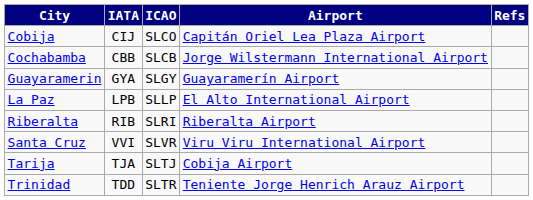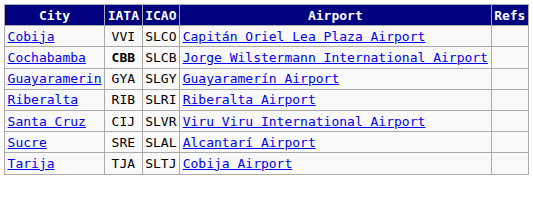 <table class="sortable wikitable">
 <tr>
 <th style="background:#000080;color: white">City</th>
 <th style="background:#000080; color:white;">IATA</th>
 <th style="background:#000080; color:white;">ICAO</th>
 <th style="background:#000080;color: white">Airport</th>
 <th style="background:#000080;color: white" class="unsortable">Refs</th>
 </tr>
 <tr>
 <td><a href='#'>Cobija</a></td>
-<td align=center>CIJ</td>
+<td align=center>VVI</td>
 <td align=center>SLCO</td>
 <td><a href='#'>Capitán Oriel Lea Plaza Airport</a></td>
 <td></td>
 </tr>
 <tr>
 <td><a href='#'>Cochabamba</a></td>
-<td align=center>CBB</td>
+<td align=center><strong>CBB</strong></td>
 <td align=center>SLCB</td>
 <td><a href='#'>Jorge Wilstermann International Airport</a></td>
 <td></td>
 </tr>
 <tr>
 <td><a href='#'>Guayaramerin</a></td>
 <td align=center>GYA</td>
 <td align=center>SLGY</td>
 <td><a href='#'>Guayaramerín Airport</a></td>
 <td></td>
 </tr>
 <tr>
-<td><a href='#'>La Paz</a></td>
-<td align=center>LPB</td>
-<td align=center>SLLP</td>
-<td><a href='#'>El Alto International Airport</a></td>
-<td></td>
-</tr>
-<tr>
 <td><a href='#'>Riberalta</a></td>
 <td align=center>RIB</td>
 <td align=center>SLRI</td>
 <td><a href='#'>Riberalta Airport</a></td>
 <td></td>
 </tr>
 <tr>
 <td><a href='#'>Santa Cruz</a></td>
-<td align=center>VVI</td>
+<td align=center>CIJ</td>
 <td align=center>SLVR</td>
 <td><a href='#'>Viru Viru International Airport</a></td>
+<td></td>
+</tr>
+<tr>
+<td><a href='#'>Sucre</a></td>
+<td align=center>SRE</td>
+<td align=center>SLAL</td>
+<td><a href='#'>Alcantarí Airport</a></td>
 <td></td>
 </tr>
 <tr>
 <td><a href='#'>Tarija</a></td>
 <td align=center>TJA</td>
 <td align=center>SLTJ</td>
 <td><a href='#'>Cobija Airport</a></td>
 <td></td>
 </tr>
 <tr>
-<td><a href='#'>Trinidad</a></td>
-<td align=center>TDD</td>
-<td align=center>SLTR</td>
-<td><a href='#'>Teniente Jorge Henrich Arauz Airport</a></td>
-<td></td>
-</tr>
-<tr>
 </tr>
 </table>
